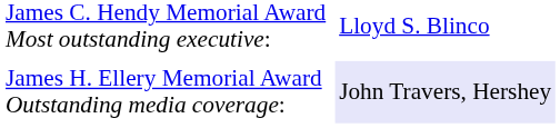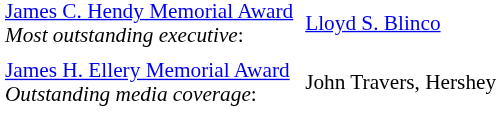 <table cellpadding="3" cellspacing="3">
 <tr>
 <td><a href='#'>James C. Hendy Memorial Award</a><br><em>Most outstanding executive</em>:</td>
 <td><a href='#'>Lloyd S. Blinco</a></td>
 </tr>
 <tr>
 <td><a href='#'>James H. Ellery Memorial Award</a> <br><em>Outstanding media coverage</em>:</td>
-<td style="background: lavender;">John Travers, Hershey</td>
+<td>John Travers, Hershey</td>
 </tr>
 </table>
